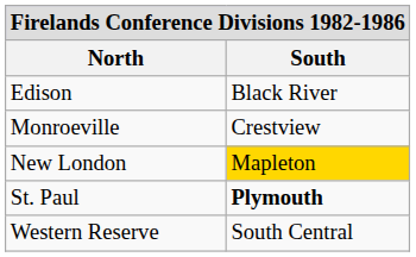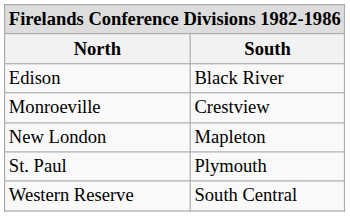 <table class="wikitable">
 <tr style="background:#ccf;">
 <th colspan="4" style="background:#ddd;">Firelands Conference Divisions 1982-1986</th>
 </tr>
 <tr>
 <th>North</th>
 <th>South</th>
 </tr>
 <tr>
 <td>Edison</td>
 <td>Black River</td>
 </tr>
 <tr>
 <td>Monroeville</td>
 <td>Crestview</td>
 </tr>
 <tr>
 <td>New London</td>
-<td style="background: gold;">Mapleton</td>
+<td>Mapleton</td>
 </tr>
 <tr>
 <td>St. Paul</td>
-<td><strong>Plymouth</strong></td>
+<td>Plymouth</td>
 </tr>
 <tr>
 <td>Western Reserve</td>
 <td>South Central</td>
 </tr>
 </table>
